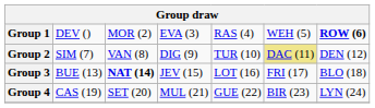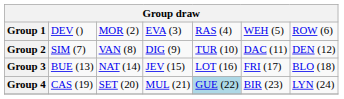 <table class="wikitable" style="text-align:center; font-size:85%">
 <tr>
 <th colspan="7">Group draw</th>
 </tr>
 <tr>
 <th>Group 1</th>
 <td align="left"> <a href='#'>DEV</a> ()</td>
 <td align="left"> <a href='#'>MOR</a> (2)</td>
 <td align="left"> <a href='#'>EVA</a> (3)</td>
 <td align="left"> <a href='#'>RAS</a> (4)</td>
 <td align="left"> <a href='#'>WEH</a> (5)</td>
-<td align="left"><strong> <a href='#'>ROW</a> (6)</strong></td>
+<td align="left"> <a href='#'>ROW</a> (6)</td>
 </tr>
 <tr>
 <th>Group 2</th>
 <td align="left"> <a href='#'>SIM</a> (7)</td>
 <td align="left"> <a href='#'>VAN</a> (8)</td>
 <td align="left"> <a href='#'>DIG</a> (9)</td>
 <td align="left"> <a href='#'>TUR</a> (10)</td>
-<td align="left" style="background: khaki;"> <a href='#'>DAC</a> (11)</td>
+<td align="left"> <a href='#'>DAC</a> (11)</td>
 <td align="left"> <a href='#'>DEN</a> (12)</td>
 </tr>
 <tr>
 <th>Group 3</th>
 <td align="left"> <a href='#'>BUE</a> (13)</td>
-<td align="left"><strong> <a href='#'>NAT</a> (14)</strong></td>
+<td align="left"> <a href='#'>NAT</a> (14)</td>
 <td align="left"> <a href='#'>JEV</a> (15)</td>
 <td align="left"> <a href='#'>LOT</a> (16)</td>
 <td align="left"> <a href='#'>FRI</a> (17)</td>
 <td align="left"> <a href='#'>BLO</a> (18)</td>
 </tr>
 <tr>
 <th>Group 4</th>
 <td align="left"> <a href='#'>CAS</a> (19)</td>
 <td align="left"> <a href='#'>SET</a> (20)</td>
 <td align="left"> <a href='#'>MUL</a> (21)</td>
-<td align="left"> <a href='#'>GUE</a> (22)</td>
+<td align="left" style="background: lightblue;"> <a href='#'>GUE</a> (22)</td>
 <td align="left"> <a href='#'>BIR</a> (23)</td>
 <td align="left"> <a href='#'>LYN</a> (24)</td>
 </tr>
 <tr>
 </tr>
 </table>
